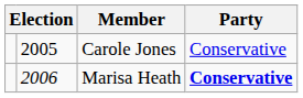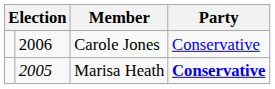 <table class="wikitable">
 <tr>
 <th colspan="2">Election</th>
 <th>Member</th>
 <th>Party</th>
 </tr>
 <tr>
 <td style="color:inherit;background-color: "></td>
-<td>2005</td>
+<td>2006</td>
 <td>Carole Jones</td>
 <td><a href='#'>Conservative</a></td>
 </tr>
 <tr>
 <td style="color:inherit;background-color: "></td>
-<td><em>2006</em></td>
+<td><em>2005</em></td>
 <td>Marisa Heath</td>
 <td><strong><a href='#'>Conservative</a></strong></td>
 </tr>
 </table>
